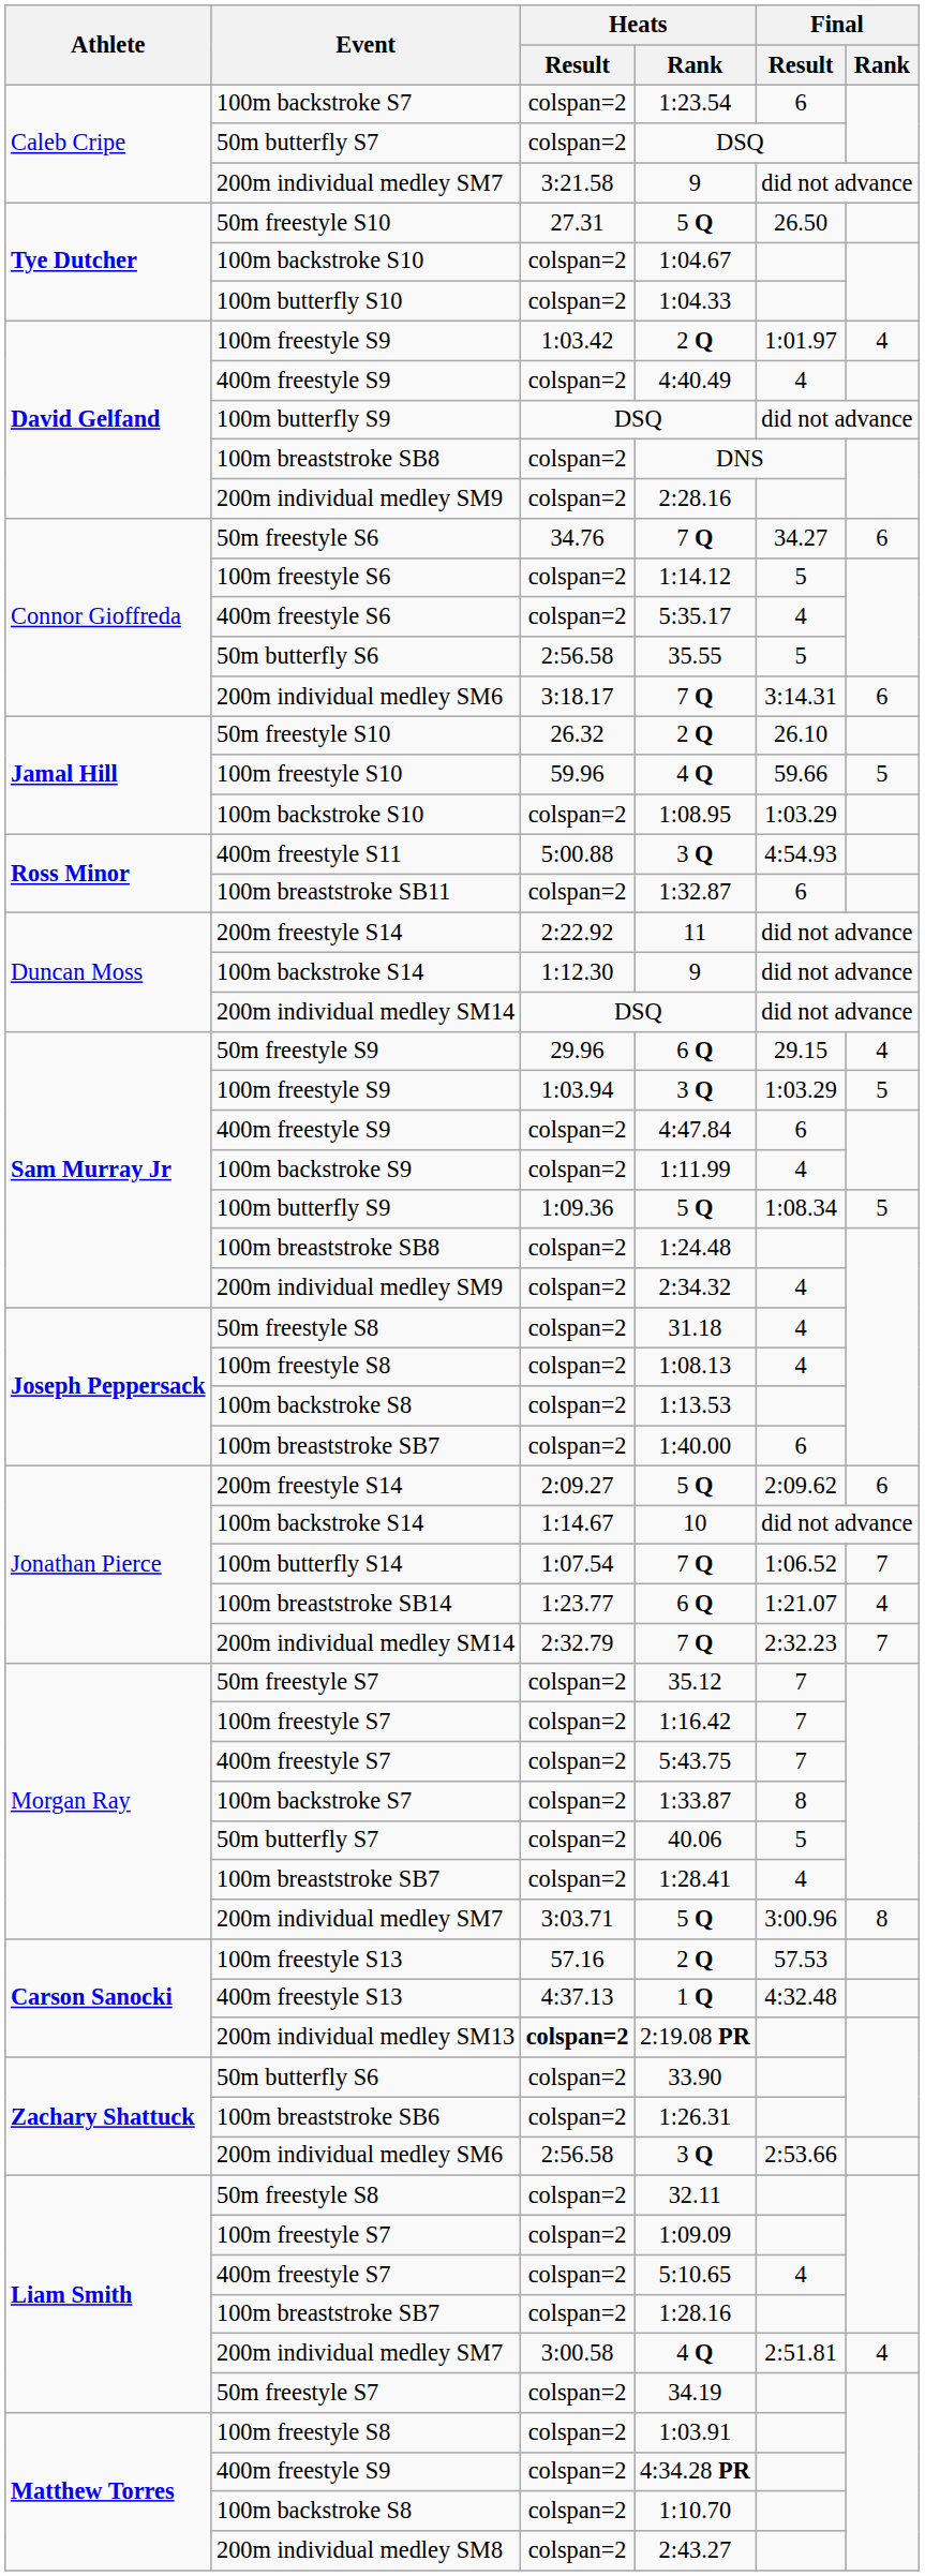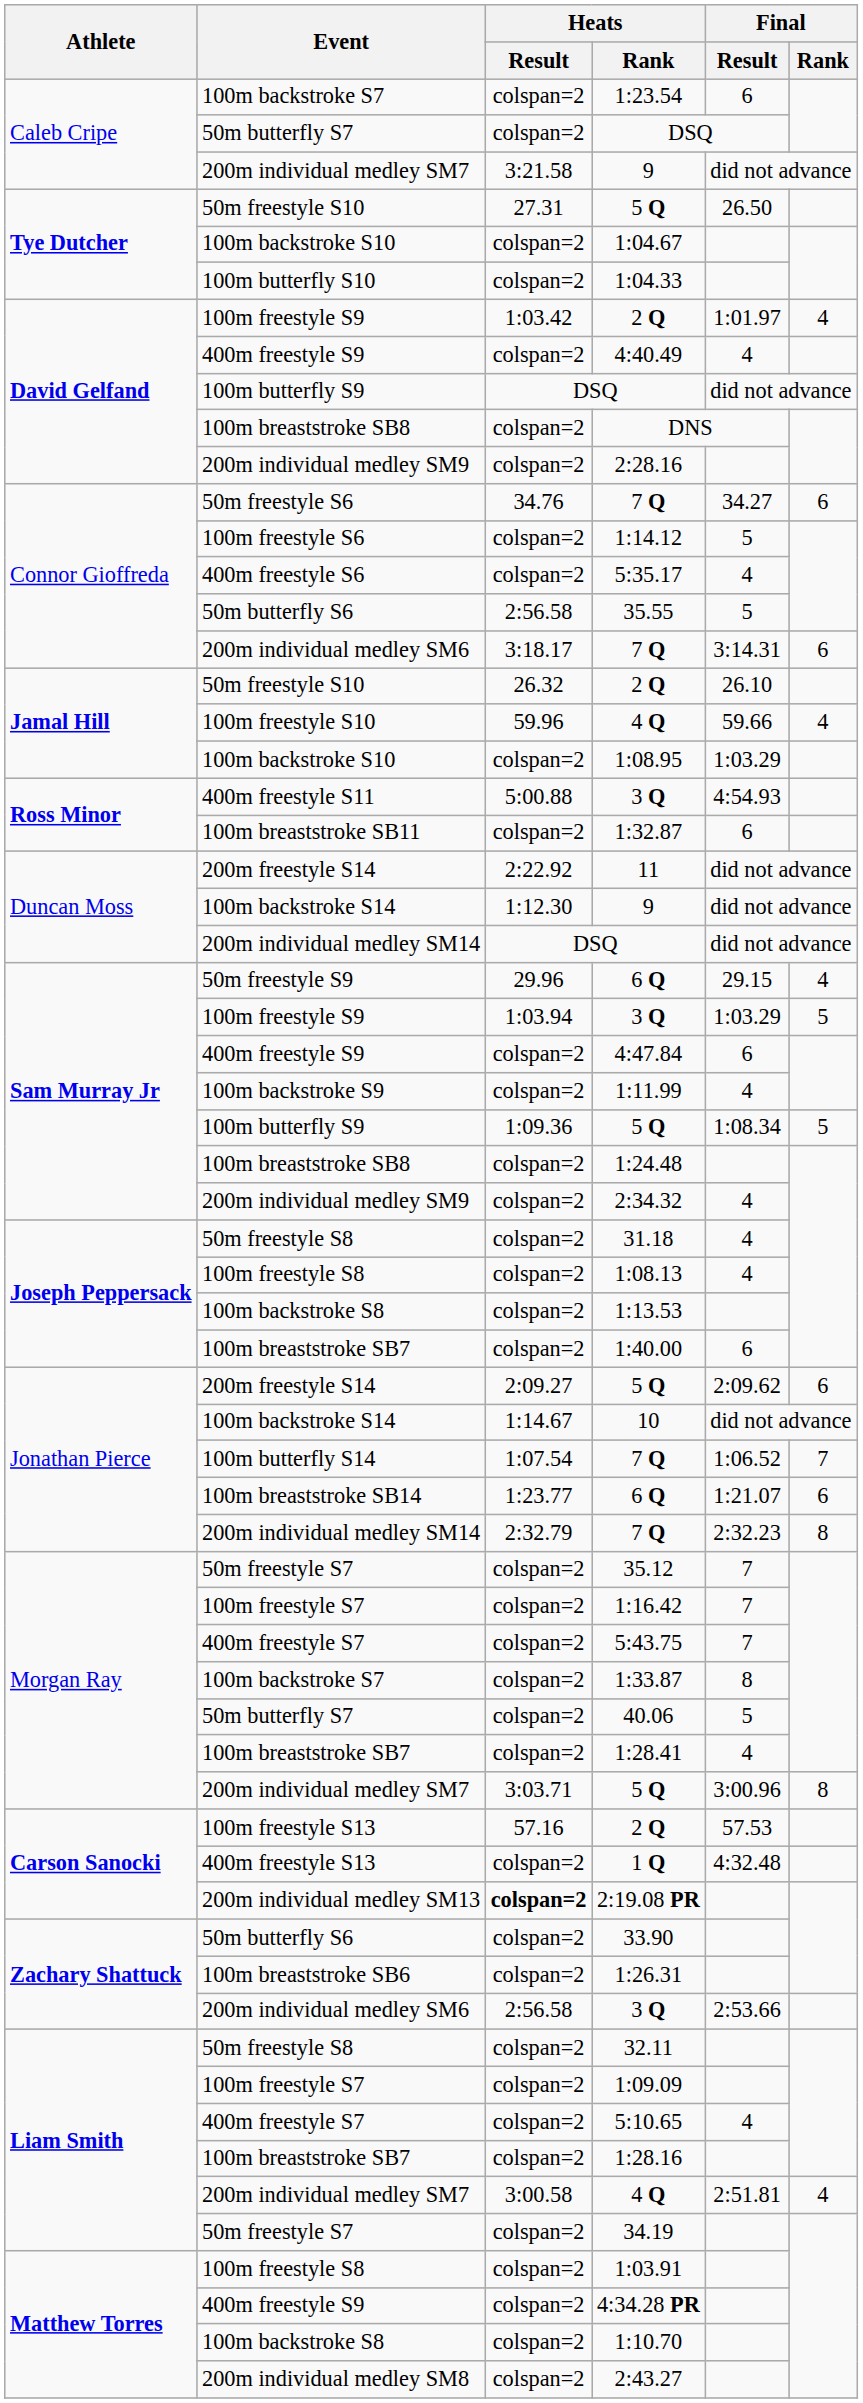 <table class=wikitable style="font-size:90%">
 <tr>
 <th rowspan="2">Athlete</th>
 <th rowspan="2">Event</th>
 <th colspan="2">Heats</th>
 <th colspan="2">Final</th>
 </tr>
 <tr>
 <th>Result</th>
 <th>Rank</th>
 <th>Result</th>
 <th>Rank</th>
 </tr>
 <tr align=center>
 <td align=left rowspan=3><a href='#'>Caleb Cripe</a></td>
 <td align=left>100m backstroke S7</td>
 <td>colspan=2 </td>
 <td>1:23.54</td>
 <td>6</td>
 </tr>
 <tr align=center>
 <td align=left>50m butterfly S7</td>
 <td>colspan=2 </td>
 <td colspan=2>DSQ</td>
 </tr>
 <tr align=center>
 <td align=left>200m individual medley SM7</td>
 <td>3:21.58</td>
 <td>9</td>
 <td colspan=2>did not advance</td>
 </tr>
 <tr align=center>
 <td align=left rowspan=3><strong><a href='#'>Tye Dutcher</a></strong></td>
 <td align=left>50m freestyle S10</td>
 <td>27.31</td>
 <td>5 <strong>Q</strong></td>
 <td>26.50</td>
 <td></td>
 </tr>
 <tr align=center>
 <td align=left>100m backstroke S10</td>
 <td>colspan=2 </td>
 <td>1:04.67</td>
 <td></td>
 </tr>
 <tr align=center>
 <td align=left>100m butterfly S10</td>
 <td>colspan=2 </td>
 <td>1:04.33</td>
 <td></td>
 </tr>
 <tr align=center>
 <td align=left rowspan=5><strong><a href='#'>David Gelfand</a></strong></td>
 <td align=left>100m freestyle S9</td>
 <td>1:03.42</td>
 <td>2 <strong>Q</strong></td>
 <td>1:01.97</td>
 <td>4</td>
 </tr>
 <tr align=center>
 <td align=left>400m freestyle S9</td>
 <td>colspan=2 </td>
 <td>4:40.49</td>
 <td>4</td>
 </tr>
 <tr align=center>
 <td align=left>100m butterfly S9</td>
 <td colspan=2>DSQ</td>
 <td colspan=2>did not advance</td>
 </tr>
 <tr align=center>
 <td align=left>100m breaststroke SB8</td>
 <td>colspan=2 </td>
 <td colspan=2>DNS</td>
 </tr>
 <tr align=center>
 <td align=left>200m individual medley SM9</td>
 <td>colspan=2 </td>
 <td>2:28.16</td>
 <td></td>
 </tr>
 <tr align=center>
 <td align=left rowspan=5><a href='#'>Connor Gioffreda</a></td>
 <td align=left>50m freestyle S6</td>
 <td>34.76</td>
 <td>7 <strong>Q</strong></td>
 <td>34.27</td>
 <td>6</td>
 </tr>
 <tr align=center>
 <td align=left>100m freestyle S6</td>
 <td>colspan=2 </td>
 <td>1:14.12</td>
 <td>5</td>
 </tr>
 <tr align=center>
 <td align=left>400m freestyle S6</td>
 <td>colspan=2 </td>
 <td>5:35.17</td>
 <td>4</td>
 </tr>
 <tr align=center>
 <td align=left>50m butterfly S6</td>
 <td>2:56.58</td>
 <td>35.55</td>
 <td>5</td>
 </tr>
 <tr align=center>
 <td align=left>200m individual medley SM6</td>
 <td>3:18.17</td>
 <td>7 <strong>Q</strong></td>
 <td>3:14.31</td>
 <td>6</td>
 </tr>
 <tr align=center>
 <td align=left rowspan=3><strong><a href='#'>Jamal Hill</a></strong></td>
 <td align=left>50m freestyle S10</td>
 <td>26.32</td>
 <td>2 <strong>Q</strong></td>
 <td>26.10</td>
 <td></td>
 </tr>
 <tr align=center>
 <td align=left>100m freestyle S10</td>
 <td>59.96</td>
 <td>4 <strong>Q</strong></td>
 <td>59.66</td>
-<td>5</td>
+<td>4</td>
 </tr>
 <tr align=center>
 <td align=left>100m backstroke S10</td>
 <td>colspan=2 </td>
 <td>1:08.95</td>
 <td>1:03.29</td>
 </tr>
 <tr align=center>
 <td align=left rowspan=2><strong><a href='#'>Ross Minor</a></strong></td>
 <td align=left>400m freestyle S11</td>
 <td>5:00.88</td>
 <td>3 <strong>Q</strong></td>
 <td>4:54.93</td>
 <td></td>
 </tr>
 <tr align=center>
 <td align=left>100m breaststroke SB11</td>
 <td>colspan=2 </td>
 <td>1:32.87</td>
 <td>6</td>
 </tr>
 <tr align=center>
 <td align=left rowspan=3><a href='#'>Duncan Moss</a></td>
 <td align=left>200m freestyle S14</td>
 <td>2:22.92</td>
 <td>11</td>
 <td colspan=2>did not advance</td>
 </tr>
 <tr align=center>
 <td align=left>100m backstroke S14</td>
 <td>1:12.30</td>
 <td>9</td>
 <td colspan=2>did not advance</td>
 </tr>
 <tr align=center>
 <td align=left>200m individual medley SM14</td>
 <td colspan=2>DSQ</td>
 <td colspan=2>did not advance</td>
 </tr>
 <tr align=center>
 <td align=left rowspan=7><strong><a href='#'>Sam Murray Jr</a></strong></td>
 <td align=left>50m freestyle S9</td>
 <td>29.96</td>
 <td>6 <strong>Q</strong></td>
 <td>29.15</td>
 <td>4</td>
 </tr>
 <tr align=center>
 <td align=left>100m freestyle S9</td>
 <td>1:03.94</td>
 <td>3 <strong>Q</strong></td>
 <td>1:03.29</td>
 <td>5</td>
 </tr>
 <tr align=center>
 <td align=left>400m freestyle S9</td>
 <td>colspan=2 </td>
 <td>4:47.84</td>
 <td>6</td>
 </tr>
 <tr align=center>
 <td align=left>100m backstroke S9</td>
 <td>colspan=2 </td>
 <td>1:11.99</td>
 <td>4</td>
 </tr>
 <tr align=center>
 <td align=left>100m butterfly S9</td>
 <td>1:09.36</td>
 <td>5 <strong>Q</strong></td>
 <td>1:08.34</td>
 <td>5</td>
 </tr>
 <tr align=center>
 <td align=left>100m breaststroke SB8</td>
 <td>colspan=2 </td>
 <td>1:24.48</td>
 <td></td>
 </tr>
 <tr align=center>
 <td align=left>200m individual medley SM9</td>
 <td>colspan=2 </td>
 <td>2:34.32</td>
 <td>4</td>
 </tr>
 <tr align=center>
 <td align=left rowspan=4><strong><a href='#'>Joseph Peppersack</a></strong></td>
 <td align=left>50m freestyle S8</td>
 <td>colspan=2 </td>
 <td>31.18</td>
 <td>4</td>
 </tr>
 <tr align=center>
 <td align=left>100m freestyle S8</td>
 <td>colspan=2 </td>
 <td>1:08.13</td>
 <td>4</td>
 </tr>
 <tr align=center>
 <td align=left>100m backstroke S8</td>
 <td>colspan=2 </td>
 <td>1:13.53</td>
 <td></td>
 </tr>
 <tr align=center>
 <td align=left>100m breaststroke SB7</td>
 <td>colspan=2 </td>
 <td>1:40.00</td>
 <td>6</td>
 </tr>
 <tr align=center>
 <td align=left rowspan=5><a href='#'>Jonathan Pierce</a></td>
 <td align=left>200m freestyle S14</td>
 <td>2:09.27</td>
 <td>5 <strong>Q</strong></td>
 <td>2:09.62</td>
 <td>6</td>
 </tr>
 <tr align=center>
 <td align=left>100m backstroke S14</td>
 <td>1:14.67</td>
 <td>10</td>
 <td colspan=2>did not advance</td>
 </tr>
 <tr align=center>
 <td align=left>100m butterfly S14</td>
 <td>1:07.54</td>
 <td>7 <strong>Q</strong></td>
 <td>1:06.52</td>
 <td>7</td>
 </tr>
 <tr align=center>
 <td align=left>100m breaststroke SB14</td>
 <td>1:23.77</td>
 <td>6 <strong>Q</strong></td>
 <td>1:21.07</td>
-<td>4</td>
+<td>6</td>
 </tr>
 <tr align=center>
 <td align=left>200m individual medley SM14</td>
 <td>2:32.79</td>
 <td>7 <strong>Q</strong></td>
 <td>2:32.23</td>
-<td>7</td>
+<td>8</td>
 </tr>
 <tr align=center>
 <td align=left rowspan=7><a href='#'>Morgan Ray</a></td>
 <td align=left>50m freestyle S7</td>
 <td>colspan=2 </td>
 <td>35.12</td>
 <td>7</td>
 </tr>
 <tr align=center>
 <td align=left>100m freestyle S7</td>
 <td>colspan=2 </td>
 <td>1:16.42</td>
 <td>7</td>
 </tr>
 <tr align=center>
 <td align=left>400m freestyle S7</td>
 <td>colspan=2 </td>
 <td>5:43.75</td>
 <td>7</td>
 </tr>
 <tr align=center>
 <td align=left>100m backstroke S7</td>
 <td>colspan=2 </td>
 <td>1:33.87</td>
 <td>8</td>
 </tr>
 <tr align=center>
 <td align=left>50m butterfly S7</td>
 <td>colspan=2 </td>
 <td>40.06</td>
 <td>5</td>
 </tr>
 <tr align=center>
 <td align=left>100m breaststroke SB7</td>
 <td>colspan=2 </td>
 <td>1:28.41</td>
 <td>4</td>
 </tr>
 <tr align=center>
 <td align=left>200m individual medley SM7</td>
 <td>3:03.71</td>
 <td>5 <strong>Q</strong></td>
 <td>3:00.96</td>
 <td>8</td>
 </tr>
 <tr align=center>
 <td align=left rowspan=3><strong><a href='#'>Carson Sanocki</a></strong></td>
 <td align=left>100m freestyle S13</td>
 <td>57.16</td>
 <td>2 <strong>Q</strong></td>
 <td>57.53</td>
 <td></td>
 </tr>
 <tr align=center>
 <td align=left>400m freestyle S13</td>
-<td>4:37.13</td>
+<td>colspan=2 </td>
 <td>1 <strong>Q</strong></td>
 <td>4:32.48</td>
 <td></td>
 </tr>
 <tr align=center>
 <td align=left>200m individual medley SM13</td>
 <td><strong>colspan=2 </strong></td>
 <td>2:19.08 <strong>PR</strong></td>
 <td></td>
 </tr>
 <tr align=center>
 <td align=left rowspan=3><strong><a href='#'>Zachary Shattuck</a></strong></td>
 <td align=left>50m butterfly S6</td>
 <td>colspan=2 </td>
 <td>33.90</td>
 <td></td>
 </tr>
 <tr align=center>
 <td align=left>100m breaststroke SB6</td>
 <td>colspan=2 </td>
 <td>1:26.31</td>
 <td></td>
 </tr>
 <tr align=center>
 <td align=left>200m individual medley SM6</td>
 <td>2:56.58</td>
 <td>3 <strong>Q</strong></td>
 <td>2:53.66</td>
 <td></td>
 </tr>
 <tr align=center>
 <td align=left rowspan=6><strong><a href='#'>Liam Smith</a></strong></td>
 <td align=left>50m freestyle S8</td>
 <td>colspan=2 </td>
 <td>32.11</td>
 <td></td>
 </tr>
 <tr align=center>
 <td align=left>100m freestyle S7</td>
 <td>colspan=2 </td>
 <td>1:09.09</td>
 <td></td>
 </tr>
 <tr align=center>
 <td align=left>400m freestyle S7</td>
 <td>colspan=2 </td>
 <td>5:10.65</td>
 <td>4</td>
 </tr>
 <tr align=center>
 <td align=left>100m breaststroke SB7</td>
 <td>colspan=2 </td>
 <td>1:28.16</td>
 <td></td>
 </tr>
 <tr align=center>
 <td align=left>200m individual medley SM7</td>
 <td>3:00.58</td>
 <td>4 <strong>Q</strong></td>
 <td>2:51.81</td>
 <td>4</td>
 </tr>
 <tr align=center>
 <td align=left>50m freestyle S7</td>
 <td>colspan=2 </td>
 <td>34.19</td>
 <td></td>
 </tr>
 <tr align=center>
 <td align=left rowspan=4><strong><a href='#'>Matthew Torres</a></strong></td>
 <td align=left>100m freestyle S8</td>
 <td>colspan=2 </td>
 <td>1:03.91</td>
 <td></td>
 </tr>
 <tr align=center>
 <td align=left>400m freestyle S9</td>
 <td>colspan=2 </td>
 <td>4:34.28 <strong>PR</strong></td>
 <td></td>
 </tr>
 <tr align=center>
 <td align=left>100m backstroke S8</td>
 <td>colspan=2 </td>
 <td>1:10.70</td>
 <td></td>
 </tr>
 <tr align=center>
 <td align=left>200m individual medley SM8</td>
 <td>colspan=2 </td>
 <td>2:43.27</td>
 <td></td>
 </tr>
 </table>
